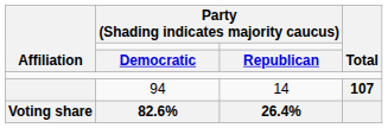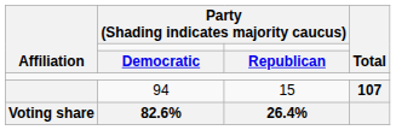 <table class=wikitable style="text-align:center">
 <tr style="vertical-align:bottom;">
 <th rowspan=3>Affiliation</th>
 <th colspan=2>Party <div>(Shading indicates majority caucus)</div></th>
 <th rowspan=3>Total</th>
 </tr>
 <tr style="height:5px">
 <td style="background-color:"></td>
 <td style="background-color:"></td>
 </tr>
 <tr>
 <th><a href='#'>Democratic</a></th>
 <th><a href='#'>Republican</a></th>
 </tr>
 <tr>
 <td colspan=5></td>
 </tr>
 <tr>
 <th nowrap style="font-size:80%"></th>
 <td>94</td>
-<td>14</td>
+<td>15</td>
 <th>107</th>
 </tr>
 <tr>
 <th>Voting share</th>
 <th>82.6%</th>
 <th>26.4%</th>
 <th colspan=2></th>
 </tr>
 </table>
